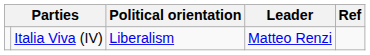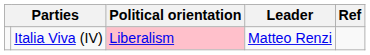 <table class="wikitable">
 <tr>
 <th colspan=2>Parties</th>
 <th>Political orientation</th>
 <th>Leader</th>
 <th>Ref</th>
 </tr>
 <tr>
 <td Style="background:"></td>
 <td><a href='#'>Italia Viva</a> (IV)</td>
-<td><a href='#'>Liberalism</a></td>
+<td style="background: pink;"><a href='#'>Liberalism</a></td>
 <td><a href='#'>Matteo Renzi</a></td>
 <td></td>
 </tr>
 </table>
